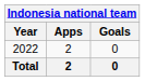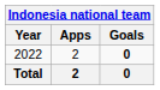 <table class=wikitable style=text-align:center>
 <tr>
 <th colspan=3><a href='#'>Indonesia national team</a></th>
 </tr>
 <tr>
 <th>Year</th>
 <th>Apps</th>
 <th>Goals</th>
 </tr>
 <tr>
 <td>2022</td>
 <td>2</td>
-<td>0</td>
+<td><strong>0</strong></td>
 </tr>
 <tr>
 <th colspan=1>Total</th>
 <th>2</th>
 <th>0</th>
 </tr>
 </table>
